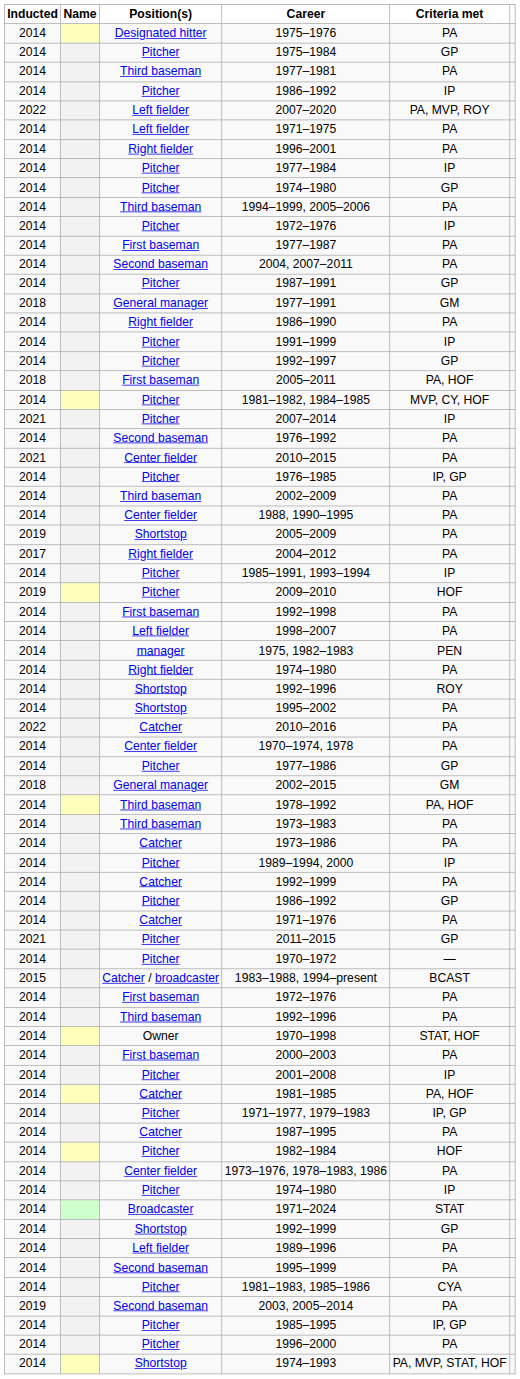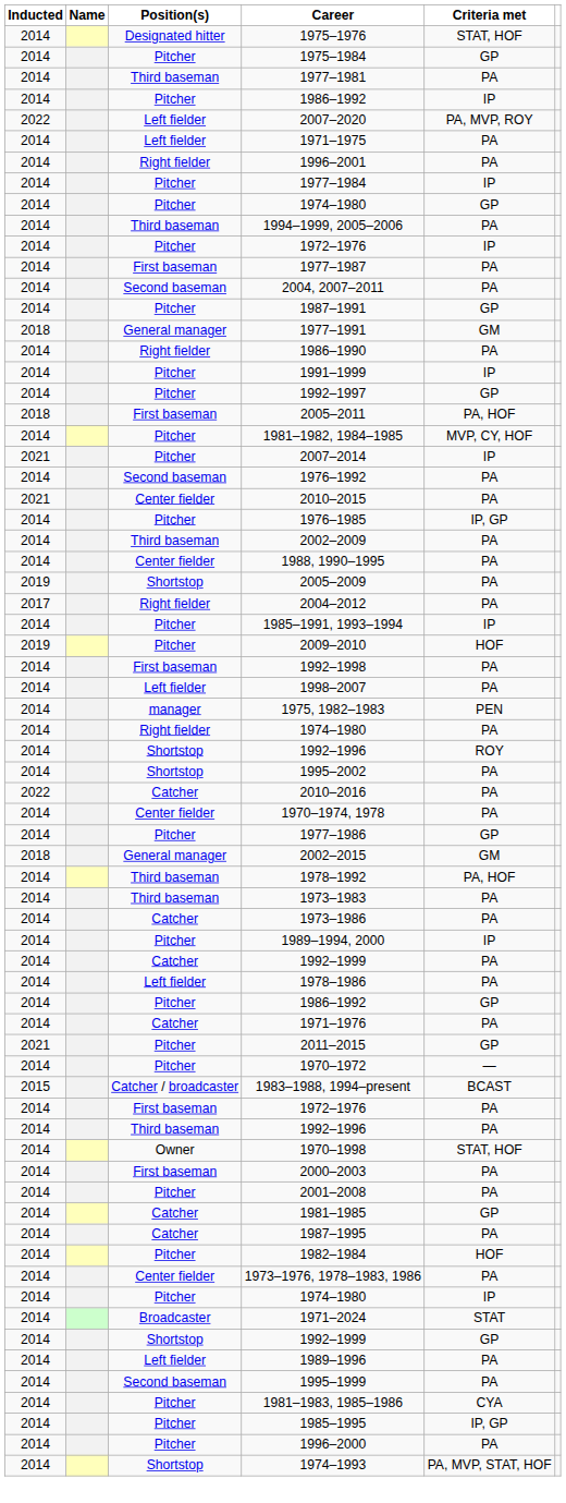 <table class="wikitable sortable plainrowheaders" style="text-align:center">
 <tr>
 <th scope="col" style="background-color:#ffffff; border-top:#">Inducted</th>
 <th scope="col" style="background-color:#ffffff; border-top:#">Name</th>
 <th scope="col" style="background-color:#ffffff; border-top:#">Position(s)</th>
 <th scope="col" style="background-color:#ffffff; border-top:#">Career</th>
 <th scope="col" style="background-color:#ffffff; border-top:#">Criteria met</th>
 <th scope="col" class="unsortable" style="background-color:#ffffff; border-top:#"></th>
 </tr>
 <tr>
 <td>2014</td>
 <th scope="row" style="text-align:center; background:#FFFFBB"></th>
 <td><a href='#'>Designated hitter</a></td>
 <td>1975–1976</td>
-<td>PA</td>
+<td>STAT, HOF</td>
 <td></td>
 </tr>
 <tr>
 <td>2014</td>
 <th scope="row" style="text-align:center"></th>
 <td><a href='#'>Pitcher</a></td>
 <td>1975–1984</td>
 <td>GP</td>
 <td></td>
 </tr>
 <tr>
 <td>2014</td>
 <th scope="row" style="text-align:center"></th>
 <td><a href='#'>Third baseman</a></td>
 <td>1977–1981</td>
 <td>PA</td>
 <td></td>
 </tr>
 <tr>
 <td>2014</td>
 <th scope="row" style="text-align:center"></th>
 <td><a href='#'>Pitcher</a></td>
 <td>1986–1992</td>
 <td>IP</td>
 <td></td>
 </tr>
 <tr>
 <td>2022</td>
 <th scope="row" style="text-align:center"></th>
 <td><a href='#'>Left fielder</a></td>
 <td>2007–2020</td>
 <td>PA, MVP, ROY</td>
 <td></td>
 </tr>
 <tr>
 <td>2014</td>
 <th scope="row" style="text-align:center"></th>
 <td><a href='#'>Left fielder</a></td>
 <td>1971–1975</td>
 <td>PA</td>
 <td></td>
 </tr>
 <tr>
 <td>2014</td>
 <th scope="row" style="text-align:center"></th>
 <td><a href='#'>Right fielder</a></td>
 <td>1996–2001</td>
 <td>PA</td>
 <td></td>
 </tr>
 <tr>
 <td>2014</td>
 <th scope="row" style="text-align:center"></th>
 <td><a href='#'>Pitcher</a></td>
 <td>1977–1984</td>
 <td>IP</td>
 <td></td>
 </tr>
 <tr>
 <td>2014</td>
 <th scope="row" style="text-align:center"></th>
 <td><a href='#'>Pitcher</a></td>
 <td>1974–1980</td>
 <td>GP</td>
 <td></td>
 </tr>
 <tr>
 <td>2014</td>
 <th scope="row" style="text-align:center"></th>
 <td><a href='#'>Third baseman</a></td>
 <td>1994–1999, 2005–2006</td>
 <td>PA</td>
 <td></td>
 </tr>
 <tr>
 <td>2014</td>
 <th scope="row" style="text-align:center"></th>
 <td><a href='#'>Pitcher</a></td>
 <td>1972–1976</td>
 <td>IP</td>
 <td></td>
 </tr>
 <tr>
 <td>2014</td>
 <th scope="row" style="text-align:center"></th>
 <td><a href='#'>First baseman</a></td>
 <td>1977–1987</td>
 <td>PA</td>
 <td></td>
 </tr>
 <tr>
 <td>2014</td>
 <th scope="row" style="text-align:center"></th>
 <td><a href='#'>Second baseman</a></td>
 <td>2004, 2007–2011</td>
 <td>PA</td>
 <td></td>
 </tr>
 <tr>
 <td>2014</td>
 <th scope="row" style="text-align:center"></th>
 <td><a href='#'>Pitcher</a></td>
 <td>1987–1991</td>
 <td>GP</td>
 <td></td>
 </tr>
 <tr>
 <td>2018</td>
 <th scope="row" style="text-align:center"></th>
 <td><a href='#'>General manager</a></td>
 <td>1977–1991</td>
 <td>GM</td>
 <td></td>
 </tr>
 <tr>
 <td>2014</td>
 <th scope="row" style="text-align:center"></th>
 <td><a href='#'>Right fielder</a></td>
 <td>1986–1990</td>
 <td>PA</td>
 <td></td>
 </tr>
 <tr>
 <td>2014</td>
 <th scope="row" style="text-align:center"></th>
 <td><a href='#'>Pitcher</a></td>
 <td>1991–1999</td>
 <td>IP</td>
 <td></td>
 </tr>
 <tr>
 <td>2014</td>
 <th scope="row" style="text-align:center"></th>
 <td><a href='#'>Pitcher</a></td>
 <td>1992–1997</td>
 <td>GP</td>
 <td></td>
 </tr>
 <tr>
 <td>2018</td>
 <th scope="row" style="text-align:center"></th>
 <td><a href='#'>First baseman</a></td>
 <td>2005–2011</td>
 <td>PA, HOF</td>
 <td></td>
 </tr>
 <tr>
 <td>2014</td>
 <th scope="row" style="text-align:center; background:#FFFFBB"></th>
 <td><a href='#'>Pitcher</a></td>
 <td>1981–1982, 1984–1985</td>
 <td>MVP, CY, HOF</td>
 <td></td>
 </tr>
 <tr>
 <td>2021</td>
 <th scope="row" style="text-align:center"></th>
 <td><a href='#'>Pitcher</a></td>
 <td>2007–2014</td>
 <td>IP</td>
 <td></td>
 </tr>
 <tr>
 <td>2014</td>
 <th scope="row" style="text-align:center"></th>
 <td><a href='#'>Second baseman</a></td>
 <td>1976–1992</td>
 <td>PA</td>
 <td></td>
 </tr>
 <tr>
 <td>2021</td>
 <th scope="row" style="text-align:center"></th>
 <td><a href='#'>Center fielder</a></td>
 <td>2010–2015</td>
 <td>PA</td>
 <td></td>
 </tr>
 <tr>
 <td>2014</td>
 <th scope="row" style="text-align:center"></th>
 <td><a href='#'>Pitcher</a></td>
 <td>1976–1985</td>
 <td>IP, GP</td>
 <td></td>
 </tr>
 <tr>
 <td>2014</td>
 <th scope="row" style="text-align:center"></th>
 <td><a href='#'>Third baseman</a></td>
 <td>2002–2009</td>
 <td>PA</td>
 <td></td>
 </tr>
 <tr>
 <td>2014</td>
 <th scope="row" style="text-align:center"></th>
 <td><a href='#'>Center fielder</a></td>
 <td>1988, 1990–1995</td>
 <td>PA</td>
 <td></td>
 </tr>
 <tr>
 <td>2019</td>
 <th scope="row" style="text-align:center"></th>
 <td><a href='#'>Shortstop</a></td>
 <td>2005–2009</td>
 <td>PA</td>
 <td></td>
 </tr>
 <tr>
 <td>2017</td>
 <th scope="row" style="text-align:center"></th>
 <td><a href='#'>Right fielder</a></td>
 <td>2004–2012</td>
 <td>PA</td>
 <td></td>
 </tr>
 <tr>
 <td>2014</td>
 <th scope="row" style="text-align:center"></th>
 <td><a href='#'>Pitcher</a></td>
 <td>1985–1991, 1993–1994</td>
 <td>IP</td>
 <td></td>
 </tr>
 <tr>
 <td>2019</td>
 <th scope="row" style="text-align:center; background:#FFFFBB"></th>
 <td><a href='#'>Pitcher</a></td>
 <td>2009–2010</td>
 <td>HOF</td>
 <td></td>
 </tr>
 <tr>
 <td>2014</td>
 <th scope="row" style="text-align:center"></th>
 <td><a href='#'>First baseman</a></td>
 <td>1992–1998</td>
 <td>PA</td>
 <td></td>
 </tr>
 <tr>
 <td>2014</td>
 <th scope="row" style="text-align:center"></th>
 <td><a href='#'>Left fielder</a></td>
 <td>1998–2007</td>
 <td>PA</td>
 <td></td>
 </tr>
 <tr>
 <td>2014</td>
 <th scope="row" style="text-align:center"></th>
 <td><a href='#'>manager</a></td>
 <td>1975, 1982–1983</td>
 <td>PEN</td>
 <td></td>
 </tr>
 <tr>
 <td>2014</td>
 <th scope="row" style="text-align:center"></th>
 <td><a href='#'>Right fielder</a></td>
 <td>1974–1980</td>
 <td>PA</td>
 <td></td>
 </tr>
 <tr>
 <td>2014</td>
 <th scope="row" style="text-align:center"></th>
 <td><a href='#'>Shortstop</a></td>
 <td>1992–1996</td>
 <td>ROY</td>
 <td></td>
 </tr>
 <tr>
 <td>2014</td>
 <th scope="row" style="text-align:center"></th>
 <td><a href='#'>Shortstop</a></td>
 <td>1995–2002</td>
 <td>PA</td>
 <td></td>
 </tr>
 <tr>
 <td>2022</td>
 <th scope="row" style="text-align:center"></th>
 <td><a href='#'>Catcher</a></td>
 <td>2010–2016</td>
 <td>PA</td>
 <td></td>
 </tr>
 <tr>
 <td>2014</td>
 <th scope="row" style="text-align:center"></th>
 <td><a href='#'>Center fielder</a></td>
 <td>1970–1974, 1978</td>
 <td>PA</td>
 <td></td>
 </tr>
 <tr>
 <td>2014</td>
 <th scope="row" style="text-align:center"></th>
 <td><a href='#'>Pitcher</a></td>
 <td>1977–1986</td>
 <td>GP</td>
 <td></td>
 </tr>
 <tr>
 <td>2018</td>
 <th scope="row" style="text-align:center"></th>
 <td><a href='#'>General manager</a></td>
 <td>2002–2015</td>
 <td>GM</td>
 <td></td>
 </tr>
 <tr>
 <td>2014</td>
 <th scope="row" style="text-align:center; background:#FFFFBB"></th>
 <td><a href='#'>Third baseman</a></td>
 <td>1978–1992</td>
 <td>PA, HOF</td>
 <td></td>
 </tr>
 <tr>
 <td>2014</td>
 <th scope="row" style="text-align:center"></th>
 <td><a href='#'>Third baseman</a></td>
 <td>1973–1983</td>
 <td>PA</td>
 <td></td>
 </tr>
 <tr>
 <td>2014</td>
 <th scope="row" style="text-align:center"></th>
 <td><a href='#'>Catcher</a></td>
 <td>1973–1986</td>
 <td>PA</td>
 <td></td>
 </tr>
 <tr>
 <td>2014</td>
 <th scope="row" style="text-align:center"></th>
 <td><a href='#'>Pitcher</a></td>
 <td>1989–1994, 2000</td>
 <td>IP</td>
 <td></td>
 </tr>
 <tr>
 <td>2014</td>
 <th scope="row" style="text-align:center"></th>
 <td><a href='#'>Catcher</a></td>
 <td>1992–1999</td>
 <td>PA</td>
 <td></td>
 </tr>
 <tr>
 <td>2014</td>
 <th scope="row" style="text-align:center"></th>
+<td><a href='#'>Left fielder</a></td>
+<td>1978–1986</td>
+<td>PA</td>
+<td></td>
+</tr>
+<tr>
+<td>2014</td>
+<th scope="row" style="text-align:center"></th>
 <td><a href='#'>Pitcher</a></td>
 <td>1986–1992</td>
 <td>GP</td>
 <td></td>
 </tr>
 <tr>
 <td>2014</td>
 <th scope="row" style="text-align:center"></th>
 <td><a href='#'>Catcher</a></td>
 <td>1971–1976</td>
 <td>PA</td>
 <td></td>
 </tr>
 <tr>
 <td>2021</td>
 <th scope="row" style="text-align:center"></th>
 <td><a href='#'>Pitcher</a></td>
 <td>2011–2015</td>
 <td>GP</td>
 <td></td>
 </tr>
 <tr>
 <td>2014</td>
 <th scope="row" style="text-align:center"></th>
 <td><a href='#'>Pitcher</a></td>
 <td>1970–1972</td>
 <td>—</td>
 <td></td>
 </tr>
 <tr>
 <td>2015</td>
 <th scope="row" style="text-align:center"></th>
 <td><a href='#'>Catcher</a> / <a href='#'>broadcaster</a></td>
 <td>1983–1988, 1994–present</td>
 <td>BCAST</td>
 <td></td>
 </tr>
 <tr>
 <td>2014</td>
 <th scope="row" style="text-align:center"></th>
 <td><a href='#'>First baseman</a></td>
 <td>1972–1976</td>
 <td>PA</td>
 <td></td>
 </tr>
 <tr>
 <td>2014</td>
 <th scope="row" style="text-align:center"></th>
 <td><a href='#'>Third baseman</a></td>
 <td>1992–1996</td>
 <td>PA</td>
 <td></td>
 </tr>
 <tr>
 <td>2014</td>
 <th scope="row" style="text-align:center; background:#FFFFBB"></th>
 <td>Owner</td>
 <td>1970–1998</td>
 <td>STAT, HOF</td>
 <td></td>
 </tr>
 <tr>
 <td>2014</td>
 <th scope="row" style="text-align:center"></th>
 <td><a href='#'>First baseman</a></td>
 <td>2000–2003</td>
 <td>PA</td>
 <td></td>
 </tr>
 <tr>
 <td>2014</td>
 <th scope="row" style="text-align:center"></th>
 <td><a href='#'>Pitcher</a></td>
 <td>2001–2008</td>
-<td>IP</td>
+<td>PA</td>
 <td></td>
 </tr>
 <tr>
 <td>2014</td>
 <th scope="row" style="text-align:center; background:#FFFFBB"></th>
 <td><a href='#'>Catcher</a></td>
 <td>1981–1985</td>
-<td>PA, HOF</td>
-<td></td>
-</tr>
-<tr>
-<td>2014</td>
-<th scope="row" style="text-align:center"></th>
-<td><a href='#'>Pitcher</a></td>
-<td>1971–1977, 1979–1983</td>
-<td>IP, GP</td>
+<td>GP</td>
 <td></td>
 </tr>
 <tr>
 <td>2014</td>
 <th scope="row" style="text-align:center"></th>
 <td><a href='#'>Catcher</a></td>
 <td>1987–1995</td>
 <td>PA</td>
 <td></td>
 </tr>
 <tr>
 <td>2014</td>
 <th scope="row" style="text-align:center; background:#FFFFBB"></th>
 <td><a href='#'>Pitcher</a></td>
 <td>1982–1984</td>
 <td>HOF</td>
 <td></td>
 </tr>
 <tr>
 <td>2014</td>
 <th scope="row" style="text-align:center"></th>
 <td><a href='#'>Center fielder</a></td>
 <td>1973–1976, 1978–1983, 1986</td>
 <td>PA</td>
 <td></td>
 </tr>
 <tr>
 <td>2014</td>
 <th scope="row" style="text-align:center"></th>
 <td><a href='#'>Pitcher</a></td>
 <td>1974–1980</td>
 <td>IP</td>
 <td></td>
 </tr>
 <tr>
 <td>2014</td>
 <th scope="row" style="text-align:center; background:#cfc;"></th>
 <td><a href='#'>Broadcaster</a></td>
 <td>1971–2024</td>
 <td>STAT</td>
 <td></td>
 </tr>
 <tr>
 <td>2014</td>
 <th scope="row" style="text-align:center"></th>
 <td><a href='#'>Shortstop</a></td>
 <td>1992–1999</td>
 <td>GP</td>
 <td></td>
 </tr>
 <tr>
 <td>2014</td>
 <th scope="row" style="text-align:center"></th>
 <td><a href='#'>Left fielder</a></td>
 <td>1989–1996</td>
 <td>PA</td>
 <td></td>
 </tr>
 <tr>
 <td>2014</td>
 <th scope="row" style="text-align:center"></th>
 <td><a href='#'>Second baseman</a></td>
 <td>1995–1999</td>
 <td>PA</td>
 <td></td>
 </tr>
 <tr>
 <td>2014</td>
 <th scope="row" style="text-align:center"></th>
 <td><a href='#'>Pitcher</a></td>
 <td>1981–1983, 1985–1986</td>
 <td>CYA</td>
 <td></td>
 </tr>
 <tr>
-<td>2019</td>
-<th scope="row" style="text-align:center"></th>
-<td><a href='#'>Second baseman</a></td>
-<td>2003, 2005–2014</td>
-<td>PA</td>
-<td></td>
-</tr>
-<tr>
 <td>2014</td>
 <th scope="row" style="text-align:center"></th>
 <td><a href='#'>Pitcher</a></td>
 <td>1985–1995</td>
 <td>IP, GP</td>
 <td></td>
 </tr>
 <tr>
 <td>2014</td>
 <th scope="row" style="text-align:center"></th>
 <td><a href='#'>Pitcher</a></td>
 <td>1996–2000</td>
 <td>PA</td>
 <td></td>
 </tr>
 <tr>
 <td>2014</td>
 <th scope="row" style="text-align:center; background:#FFFFBB"></th>
 <td><a href='#'>Shortstop</a></td>
 <td>1974–1993</td>
 <td>PA, MVP, STAT, HOF</td>
 <td></td>
 </tr>
 </table>
